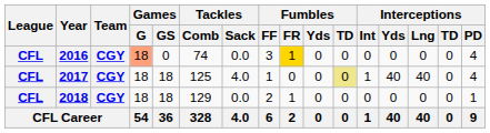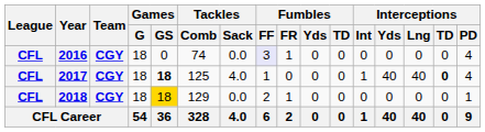 <table class="wikitable" style="text-align: center;">
 <tr>
 <th rowspan="2">League</th>
 <th rowspan="2">Year</th>
 <th rowspan="2">Team</th>
 <th colspan="2">Games</th>
 <th colspan="2">Tackles</th>
 <th colspan="4">Fumbles</th>
 <th colspan="5">Interceptions</th>
 </tr>
 <tr>
 <th>G</th>
 <th>GS</th>
 <th>Comb</th>
 <th>Sack</th>
 <th>FF</th>
 <th>FR</th>
 <th>Yds</th>
 <th>TD</th>
 <th>Int</th>
 <th>Yds</th>
 <th>Lng</th>
 <th>TD</th>
 <th>PD</th>
 </tr>
 <tr>
 <th><a href='#'>CFL</a></th>
 <th><a href='#'>2016</a></th>
 <th><a href='#'>CGY</a></th>
-<td style="background: lightsalmon;">18</td>
+<td>18</td>
 <td>0</td>
 <td>74</td>
 <td>0.0</td>
-<td>3</td>
-<td style="background: gold;">1</td>
+<td style="background: lavender;">3</td>
+<td>1</td>
 <td>0</td>
 <td>0</td>
 <td>0</td>
 <td>0</td>
 <td>0</td>
 <td>0</td>
 <td>4</td>
 </tr>
 <tr>
 <th><a href='#'>CFL</a></th>
 <th><a href='#'>2017</a></th>
 <th><a href='#'>CGY</a></th>
 <td>18</td>
-<td>18</td>
+<td><strong>18</strong></td>
 <td>125</td>
 <td>4.0</td>
 <td>1</td>
 <td>0</td>
 <td>0</td>
-<td style="background: khaki;">0</td>
+<td>0</td>
 <td>1</td>
 <td>40</td>
 <td>40</td>
-<td>0</td>
+<td><strong>0</strong></td>
 <td>4</td>
 </tr>
 <tr>
 <th><a href='#'>CFL</a></th>
 <th><a href='#'>2018</a></th>
 <th><a href='#'>CGY</a></th>
 <td>18</td>
-<td>18</td>
+<td style="background: gold;">18</td>
 <td>129</td>
 <td>0.0</td>
 <td>2</td>
 <td>1</td>
 <td>0</td>
 <td>0</td>
 <td>0</td>
 <td>0</td>
 <td>0</td>
 <td>0</td>
 <td>1</td>
 </tr>
 <tr>
 <th colspan="3">CFL Career</th>
 <th>54</th>
 <th>36</th>
 <th>328</th>
 <th>4.0</th>
 <th>6</th>
 <th>2</th>
 <th>0</th>
 <th>0</th>
 <th>1</th>
 <th>40</th>
 <th>40</th>
 <th>0</th>
 <th>9</th>
 </tr>
 </table>
